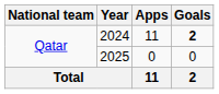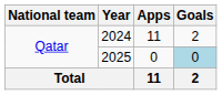 <table class="wikitable" style="text-align: center;">
 <tr>
 <th>National team</th>
 <th>Year</th>
 <th>Apps</th>
 <th>Goals</th>
 </tr>
 <tr>
 <td rowspan="2"><a href='#'>Qatar</a></td>
 <td>2024</td>
 <td>11</td>
-<td><strong>2</strong></td>
+<td>2</td>
 </tr>
 <tr>
 <td>2025</td>
 <td>0</td>
-<td>0</td>
+<td style="background: lightblue;">0</td>
 </tr>
 <tr>
 <th colspan="2">Total</th>
 <th>11</th>
 <th>2</th>
 </tr>
 </table>
